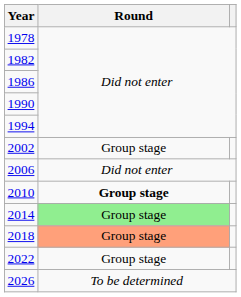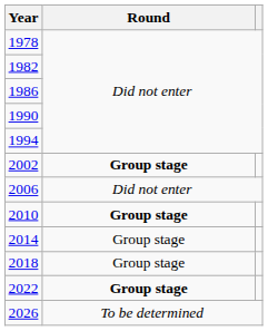 <table class="wikitable" style="text-align: center; font-size:90%">
 <tr>
 <th>Year</th>
 <th style="width:200px">Round</th>
 <th></th>
 </tr>
 <tr>
 <td><a href='#'>1978</a></td>
 <td colspan="2" rowspan="5"><em>Did not enter</em></td>
 </tr>
 <tr>
 <td><a href='#'>1982</a></td>
 </tr>
 <tr>
 <td><a href='#'>1986</a></td>
 </tr>
 <tr>
 <td><a href='#'>1990</a></td>
 </tr>
 <tr>
 <td><a href='#'>1994</a></td>
 </tr>
 <tr>
 <td><a href='#'>2002</a></td>
-<td>Group stage</td>
+<td><strong>Group stage</strong></td>
 <td></td>
 </tr>
 <tr>
 <td><a href='#'>2006</a></td>
 <td colspan="2"><em>Did not enter</em></td>
 </tr>
 <tr>
 <td><a href='#'>2010</a></td>
 <td><strong>Group stage</strong></td>
 <td></td>
 </tr>
 <tr>
 <td><a href='#'>2014</a></td>
-<td style="background: lightgreen;">Group stage</td>
+<td>Group stage</td>
 <td></td>
 </tr>
 <tr>
 <td><a href='#'>2018</a></td>
-<td style="background: lightsalmon;">Group stage</td>
+<td>Group stage</td>
 <td></td>
 </tr>
 <tr>
 <td><a href='#'>2022</a></td>
-<td>Group stage</td>
+<td><strong>Group stage</strong></td>
 <td></td>
 </tr>
 <tr>
 <td><a href='#'>2026</a></td>
 <td colspan="2"><em>To be determined</em></td>
 </tr>
 </table>
